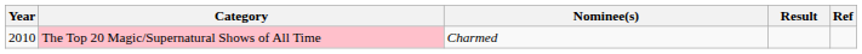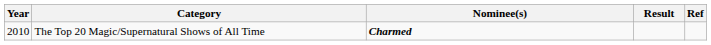 <table class="wikitable">
 <tr>
 <th>Year</th>
 <th width=470>Category</th>
 <th width=375>Nominee(s)</th>
 <th width=65>Result</th>
 <th>Ref</th>
 </tr>
 <tr>
 <td>2010</td>
-<td style="background: pink;">The Top 20 Magic/Supernatural Shows of All Time</td>
-<td><em>Charmed</em></td>
+<td>The Top 20 Magic/Supernatural Shows of All Time</td>
+<td><strong><em>Charmed</em></strong></td>
 <td></td>
 <td></td>
 </tr>
 </table>
